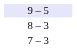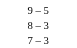 <table style="text-align:center">
 <tr>
 <th width=200></th>
 <th width=100></th>
 <th width=200></th>
 </tr>
 <tr>
 <td align=right><strong></strong></td>
-<td style="background: lavender;">9 – 5</td>
+<td>9 – 5</td>
 <td align=left></td>
 </tr>
 <tr>
 <td align=right><strong></strong></td>
 <td>8 – 3</td>
 <td align=left></td>
 </tr>
 <tr>
 <td align=right><strong></strong></td>
 <td>7 – 3</td>
 <td align=left></td>
 </tr>
 </table>
